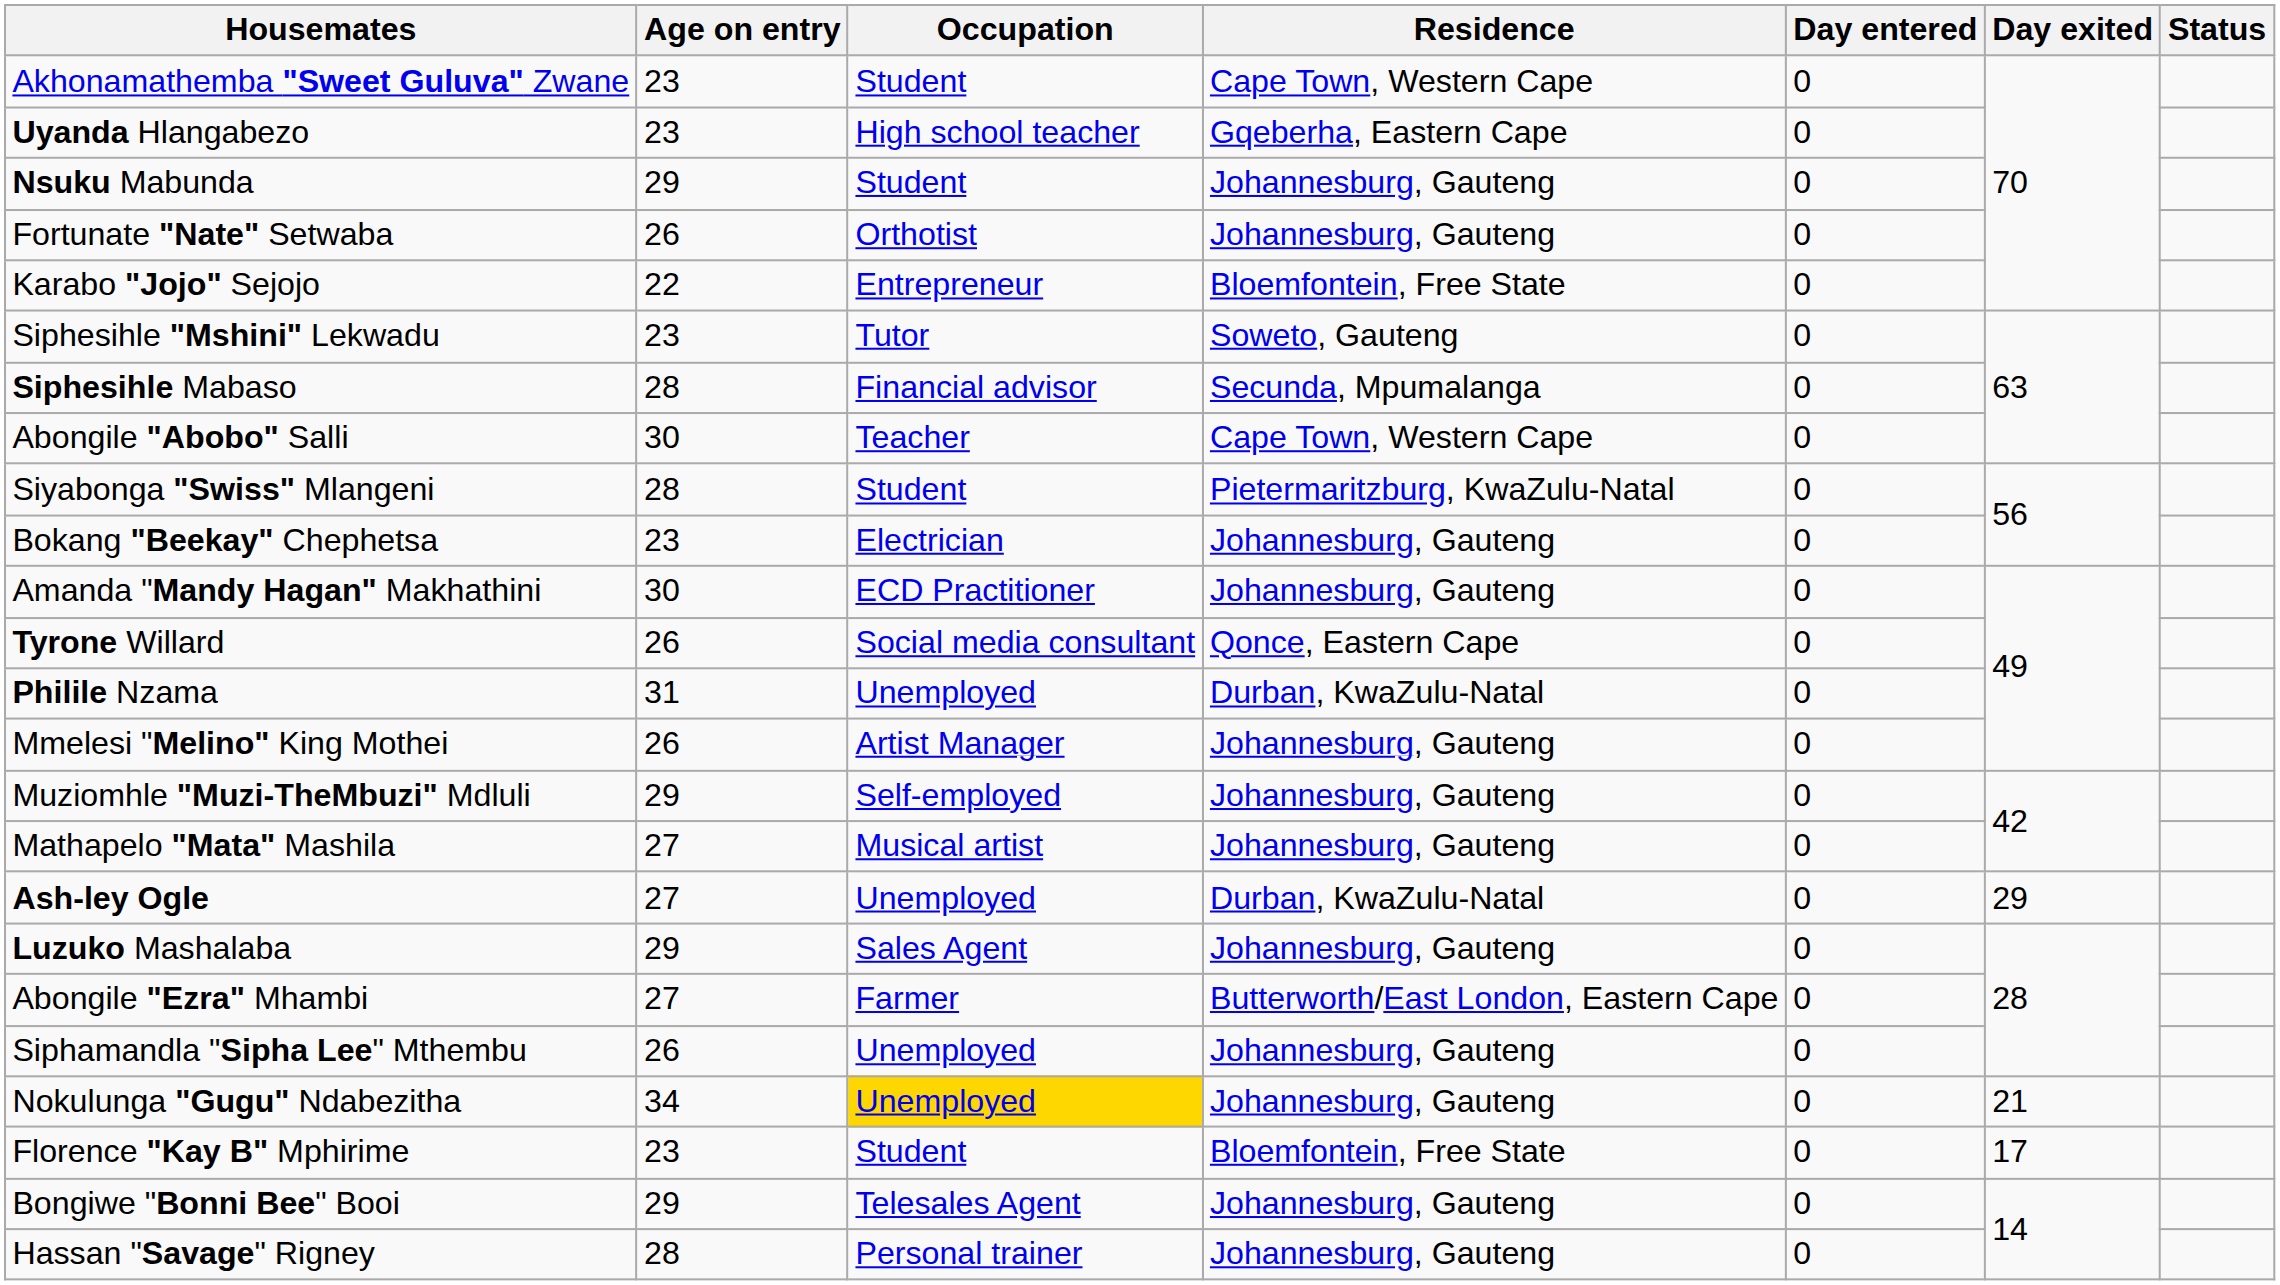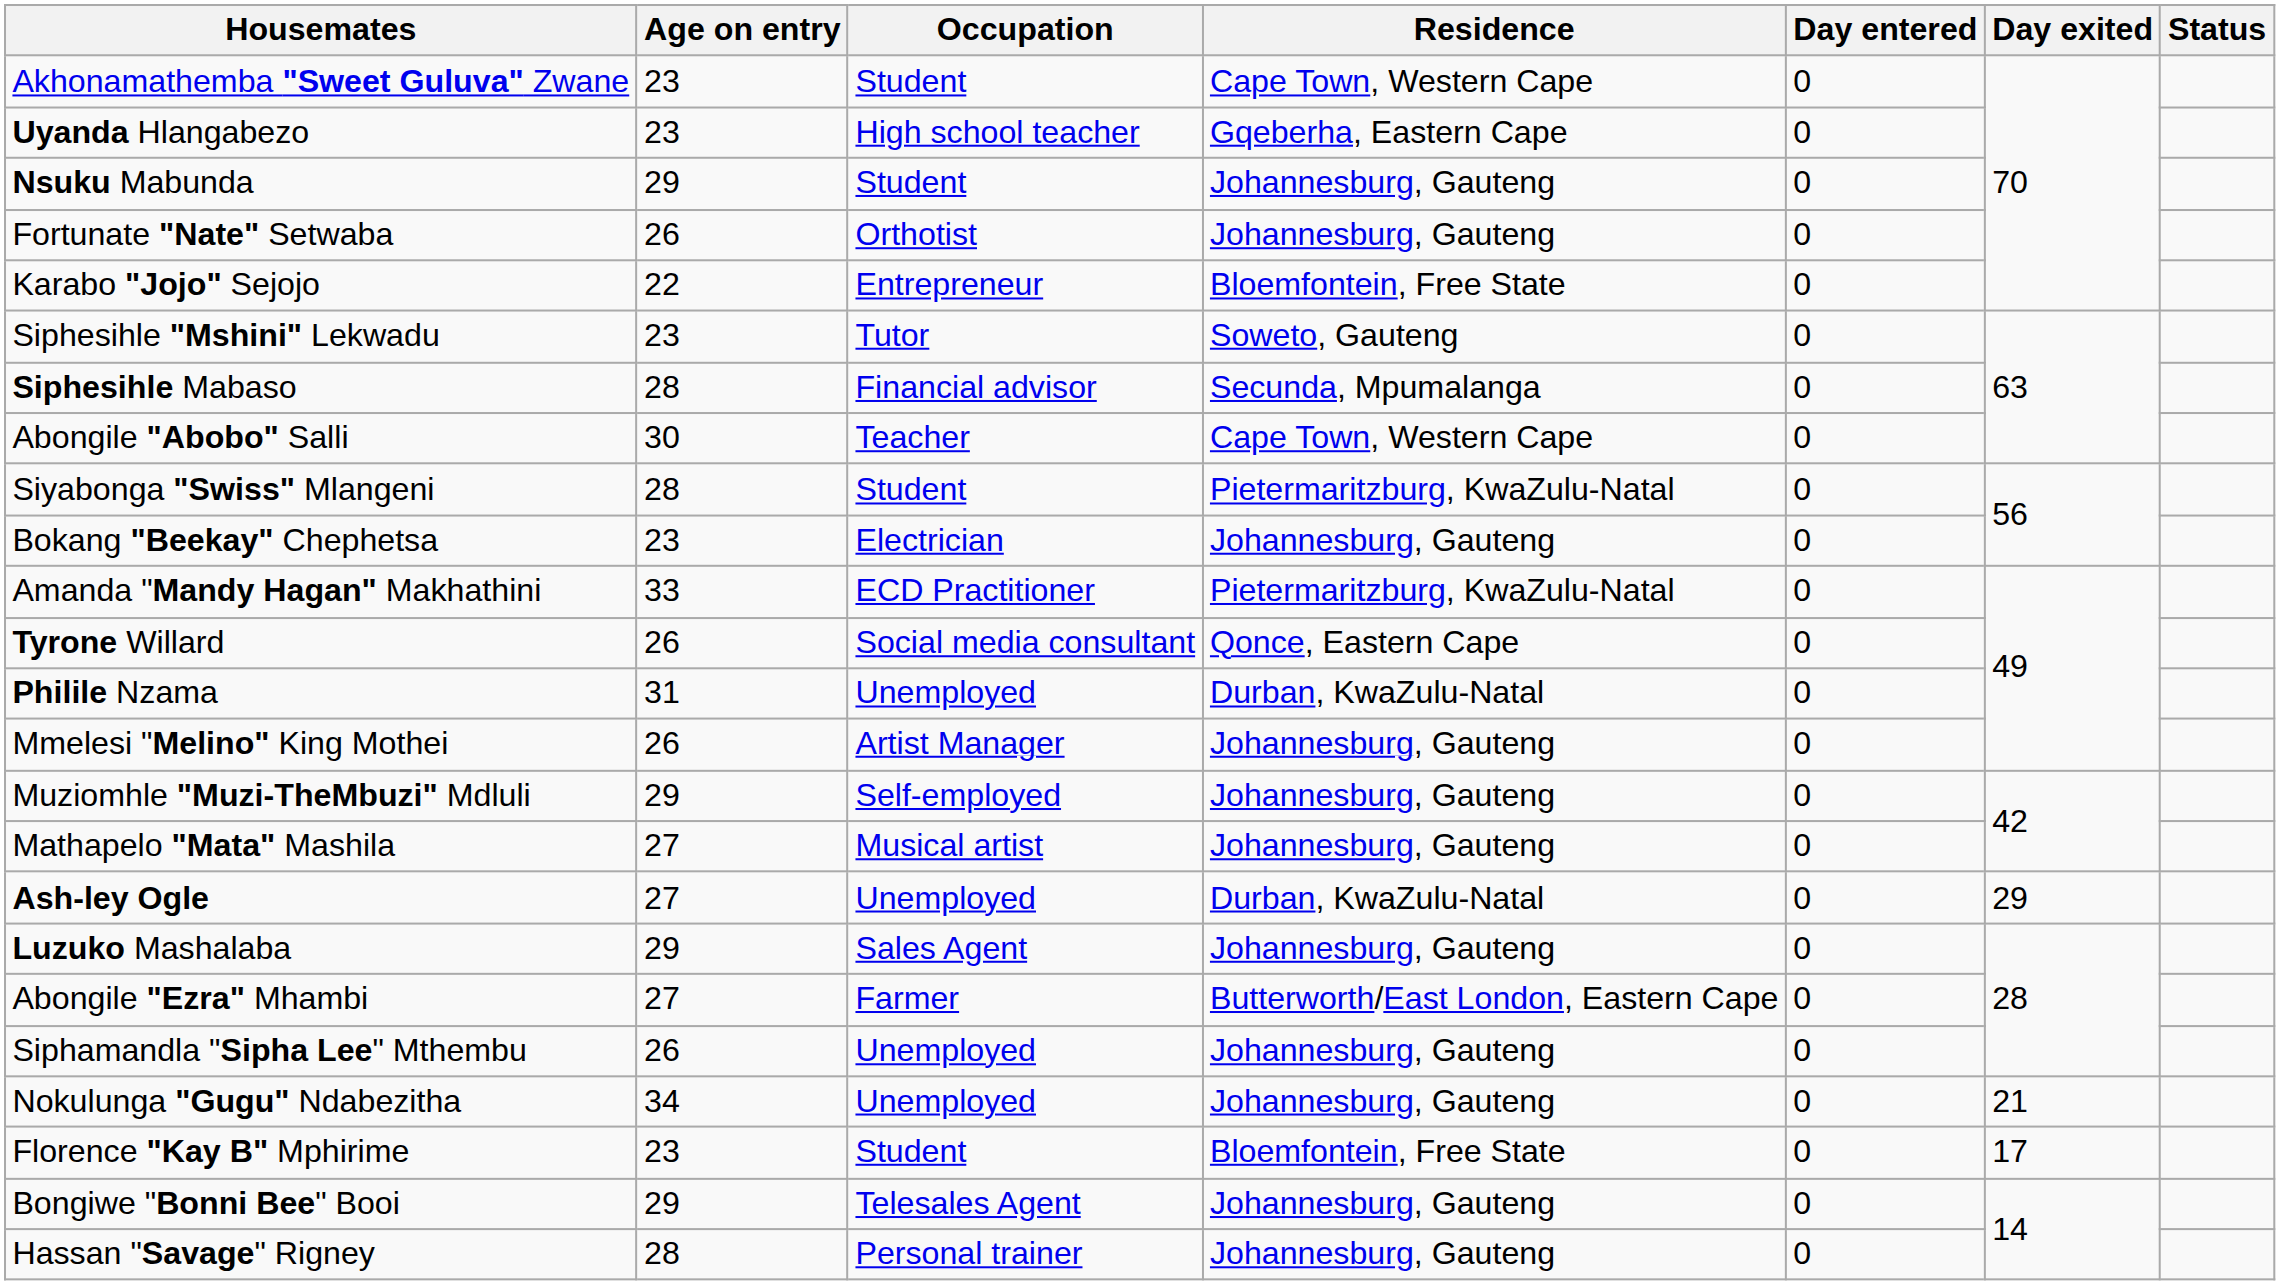 <table class="wikitable" style="text-aligntext-align:center;">
 <tr>
 <th>Housemates</th>
 <th>Age on entry </th>
 <th>Occupation</th>
 <th>Residence</th>
 <th>Day entered</th>
 <th>Day exited</th>
 <th>Status </th>
 </tr>
 <tr>
 <td><a href='#'>Akhonamathemba <strong>"Sweet Guluva"</strong> Zwane</a></td>
 <td>23</td>
 <td><a href='#'>Student</a></td>
 <td><a href='#'>Cape Town</a>, Western Cape</td>
 <td>0</td>
 <td rowspan=5>70</td>
 <td></td>
 </tr>
 <tr>
 <td><strong>Uyanda</strong> Hlangabezo</td>
 <td>23</td>
 <td><a href='#'>High school teacher</a></td>
 <td><a href='#'>Gqeberha</a>, Eastern Cape</td>
 <td>0</td>
 <td></td>
 </tr>
 <tr>
 <td><strong>Nsuku</strong> Mabunda</td>
 <td>29</td>
 <td><a href='#'>Student</a></td>
 <td><a href='#'>Johannesburg</a>, Gauteng</td>
 <td>0</td>
 <td></td>
 </tr>
 <tr>
 <td>Fortunate <strong>"Nate"</strong> Setwaba</td>
 <td>26</td>
 <td><a href='#'>Orthotist</a></td>
 <td><a href='#'>Johannesburg</a>, Gauteng</td>
 <td>0</td>
 <td></td>
 </tr>
 <tr>
 <td>Karabo <strong>"Jojo"</strong> Sejojo</td>
 <td>22</td>
 <td><a href='#'>Entrepreneur</a></td>
 <td><a href='#'>Bloemfontein</a>, Free State</td>
 <td>0</td>
 <td></td>
 </tr>
 <tr>
 <td>Siphesihle <strong>"Mshini"</strong> Lekwadu</td>
 <td>23</td>
 <td><a href='#'>Tutor</a></td>
 <td><a href='#'>Soweto</a>, Gauteng</td>
 <td>0</td>
 <td rowspan=3>63</td>
 <td></td>
 </tr>
 <tr>
 <td><strong>Siphesihle</strong> Mabaso</td>
 <td>28</td>
 <td><a href='#'>Financial advisor</a></td>
 <td><a href='#'>Secunda</a>, Mpumalanga</td>
 <td>0</td>
 <td></td>
 </tr>
 <tr>
 <td>Abongile <strong>"Abobo"</strong> Salli</td>
 <td>30</td>
 <td><a href='#'>Teacher</a></td>
 <td><a href='#'>Cape Town</a>, Western Cape</td>
 <td>0</td>
 <td></td>
 </tr>
 <tr>
 <td>Siyabonga <strong>"Swiss"</strong> Mlangeni</td>
 <td>28</td>
 <td><a href='#'>Student</a></td>
 <td><a href='#'>Pietermaritzburg</a>, KwaZulu-Natal</td>
 <td>0</td>
 <td rowspan=2>56</td>
 <td></td>
 </tr>
 <tr>
 <td>Bokang <strong>"Beekay"</strong> Chephetsa</td>
 <td>23</td>
 <td><a href='#'>Electrician</a></td>
 <td><a href='#'>Johannesburg</a>, Gauteng</td>
 <td>0</td>
 <td></td>
 </tr>
 <tr>
 <td>Amanda "<strong>Mandy Hagan"</strong> Makhathini</td>
-<td>30</td>
+<td>33</td>
 <td><a href='#'>ECD Practitioner</a></td>
-<td><a href='#'>Johannesburg</a>, Gauteng</td>
+<td><a href='#'>Pietermaritzburg</a>, KwaZulu-Natal</td>
 <td>0</td>
 <td rowspan=4>49</td>
 <td></td>
 </tr>
 <tr>
 <td><strong>Tyrone</strong> Willard</td>
 <td>26</td>
 <td><a href='#'>Social media consultant</a></td>
 <td><a href='#'>Qonce</a>, Eastern Cape</td>
 <td>0</td>
 <td></td>
 </tr>
 <tr>
 <td><strong>Philile</strong> Nzama</td>
 <td>31</td>
 <td><a href='#'>Unemployed</a></td>
 <td><a href='#'>Durban</a>, KwaZulu-Natal</td>
 <td>0</td>
 <td></td>
 </tr>
 <tr>
 <td>Mmelesi "<strong>Melino"</strong> King Mothei</td>
 <td>26</td>
 <td><a href='#'>Artist Manager</a></td>
 <td><a href='#'>Johannesburg</a>, Gauteng</td>
 <td>0</td>
 <td></td>
 </tr>
 <tr>
 <td>Muziomhle <strong>"Muzi-TheMbuzi"</strong> Mdluli</td>
 <td>29</td>
 <td><a href='#'>Self-employed</a></td>
 <td><a href='#'>Johannesburg</a>, Gauteng</td>
 <td>0</td>
 <td rowspan=2>42</td>
 <td></td>
 </tr>
 <tr>
 <td>Mathapelo <strong>"Mata"</strong> Mashila</td>
 <td>27</td>
 <td><a href='#'>Musical artist</a></td>
 <td><a href='#'>Johannesburg</a>, Gauteng</td>
 <td>0</td>
 <td></td>
 </tr>
 <tr>
 <td><strong>Ash-ley Ogle</strong></td>
 <td>27</td>
 <td><a href='#'>Unemployed</a></td>
 <td><a href='#'>Durban</a>, KwaZulu-Natal</td>
 <td>0</td>
 <td>29</td>
 <td></td>
 </tr>
 <tr>
 <td><strong>Luzuko</strong> Mashalaba</td>
 <td>29</td>
 <td><a href='#'>Sales Agent</a></td>
 <td><a href='#'>Johannesburg</a>, Gauteng</td>
 <td>0</td>
 <td rowspan=3>28</td>
 <td></td>
 </tr>
 <tr>
 <td>Abongile <strong>"Ezra"</strong> Mhambi</td>
 <td>27</td>
 <td><a href='#'>Farmer</a></td>
 <td><a href='#'>Butterworth</a>/<a href='#'>East London</a>, Eastern Cape</td>
 <td>0</td>
 <td></td>
 </tr>
 <tr>
 <td>Siphamandla "<strong>Sipha Lee</strong>" Mthembu</td>
 <td>26</td>
 <td><a href='#'>Unemployed</a></td>
 <td><a href='#'>Johannesburg</a>, Gauteng</td>
 <td>0</td>
 <td></td>
 </tr>
 <tr>
 <td>Nokulunga <strong>"Gugu"</strong> Ndabezitha</td>
 <td>34</td>
-<td style="background: gold;"><a href='#'>Unemployed</a></td>
+<td><a href='#'>Unemployed</a></td>
 <td><a href='#'>Johannesburg</a>, Gauteng</td>
 <td>0</td>
 <td>21</td>
 <td></td>
 </tr>
 <tr>
 <td>Florence <strong>"Kay B"</strong> Mphirime</td>
 <td>23</td>
 <td><a href='#'>Student</a></td>
 <td><a href='#'>Bloemfontein</a>, Free State</td>
 <td>0</td>
 <td>17</td>
 <td> </td>
 </tr>
 <tr>
 <td>Bongiwe "<strong>Bonni Bee</strong>" Booi</td>
 <td>29</td>
 <td><a href='#'>Telesales Agent</a></td>
 <td><a href='#'>Johannesburg</a>, Gauteng</td>
 <td>0</td>
 <td rowspan=2>14</td>
 <td></td>
 </tr>
 <tr>
 <td>Hassan "<strong>Savage</strong>" Rigney</td>
 <td>28</td>
 <td><a href='#'>Personal trainer</a></td>
 <td><a href='#'>Johannesburg</a>, Gauteng</td>
 <td>0</td>
 <td></td>
 </tr>
 </table>
